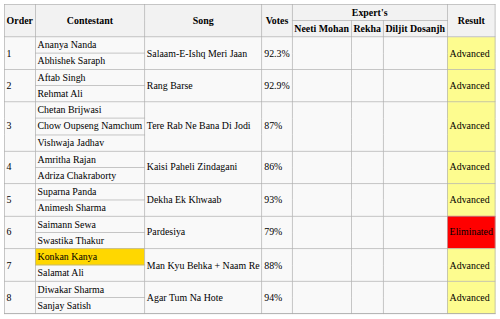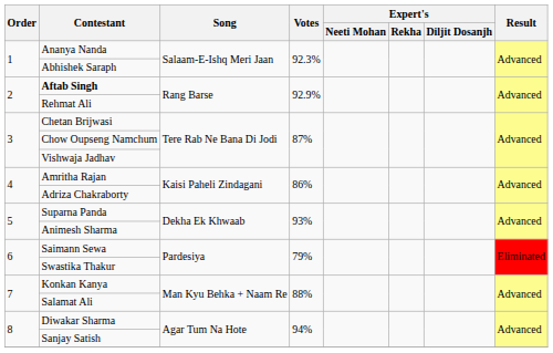 <table class="wikitable sortable mw-collapsible" style="font-size: 95%;">
 <tr>
 <th rowspan="2">Order</th>
 <th rowspan="2">Contestant</th>
 <th rowspan="2">Song</th>
 <th rowspan="2">Votes</th>
 <th colspan="3">Expert's</th>
 <th rowspan="2">Result</th>
 </tr>
 <tr>
 <th>Neeti Mohan</th>
 <th>Rekha</th>
 <th>Diljit Dosanjh</th>
 </tr>
 <tr>
 <td rowspan="2">1</td>
 <td>Ananya Nanda</td>
 <td rowspan="2">Salaam-E-Ishq Meri Jaan</td>
 <td rowspan="2">92.3%</td>
 <td rowspan="2"></td>
 <td rowspan="2"></td>
 <td rowspan="2"></td>
 <td rowspan="2" bgcolor="#fdfc8f">Advanced</td>
 </tr>
 <tr>
 <td>Abhishek Saraph</td>
 </tr>
 <tr>
 <td rowspan="2">2</td>
-<td>Aftab Singh</td>
+<td><strong>Aftab Singh</strong></td>
 <td rowspan="2">Rang Barse</td>
 <td rowspan="2">92.9%</td>
 <td rowspan="2"></td>
 <td rowspan="2"></td>
 <td rowspan="2"></td>
 <td rowspan="2" bgcolor="#fdfc8f">Advanced</td>
 </tr>
 <tr>
 <td>Rehmat Ali</td>
 </tr>
 <tr>
 <td rowspan="3">3</td>
 <td>Chetan Brijwasi</td>
 <td rowspan="3">Tere Rab Ne Bana Di Jodi</td>
 <td rowspan="3">87%</td>
 <td rowspan="3"></td>
 <td rowspan="3"></td>
 <td rowspan="3"></td>
 <td rowspan="3" bgcolor="#fdfc8f">Advanced</td>
 </tr>
 <tr>
 <td>Chow Oupseng Namchum</td>
 </tr>
 <tr>
 <td>Vishwaja Jadhav</td>
 </tr>
 <tr>
 <td rowspan="2">4</td>
 <td>Amritha Rajan</td>
 <td rowspan="2">Kaisi Paheli Zindagani</td>
 <td rowspan="2">86%</td>
 <td rowspan="2"></td>
 <td rowspan="2"></td>
 <td rowspan="2"></td>
 <td rowspan="2" bgcolor="#fdfc8f">Advanced</td>
 </tr>
 <tr>
 <td>Adriza Chakraborty</td>
 </tr>
 <tr>
 <td rowspan="2">5</td>
 <td>Suparna Panda</td>
 <td rowspan="2">Dekha Ek Khwaab</td>
 <td rowspan="2">93%</td>
 <td rowspan="2"></td>
 <td rowspan="2"></td>
 <td rowspan="2"></td>
 <td rowspan="2" bgcolor="#fdfc8f">Advanced</td>
 </tr>
 <tr>
 <td>Animesh Sharma</td>
 </tr>
 <tr>
 <td rowspan="2">6</td>
 <td>Saimann Sewa</td>
 <td rowspan="2">Pardesiya</td>
 <td rowspan="2">79%</td>
 <td rowspan="2"></td>
 <td rowspan="2"></td>
 <td rowspan="2"></td>
 <td rowspan="2" bgcolor="red">Eliminated</td>
 </tr>
 <tr>
 <td>Swastika Thakur</td>
 </tr>
 <tr>
 <td rowspan="2">7</td>
-<td style="background: gold;">Konkan Kanya</td>
+<td>Konkan Kanya</td>
 <td rowspan="2">Man Kyu Behka + Naam Re</td>
 <td rowspan="2">88%</td>
 <td rowspan="2"></td>
 <td rowspan="2"></td>
 <td rowspan="2"></td>
 <td rowspan="2" bgcolor="#fdfc8f">Advanced</td>
 </tr>
 <tr>
 <td>Salamat Ali</td>
 </tr>
 <tr>
 <td rowspan="2">8</td>
 <td>Diwakar Sharma</td>
 <td rowspan="2">Agar Tum Na Hote</td>
 <td rowspan="2">94%</td>
 <td rowspan="2"></td>
 <td rowspan="2"></td>
 <td rowspan="2"></td>
 <td rowspan="2" bgcolor="#fdfc8f">Advanced</td>
 </tr>
 <tr>
 <td>Sanjay Satish</td>
 </tr>
 <tr>
 </tr>
 </table>
